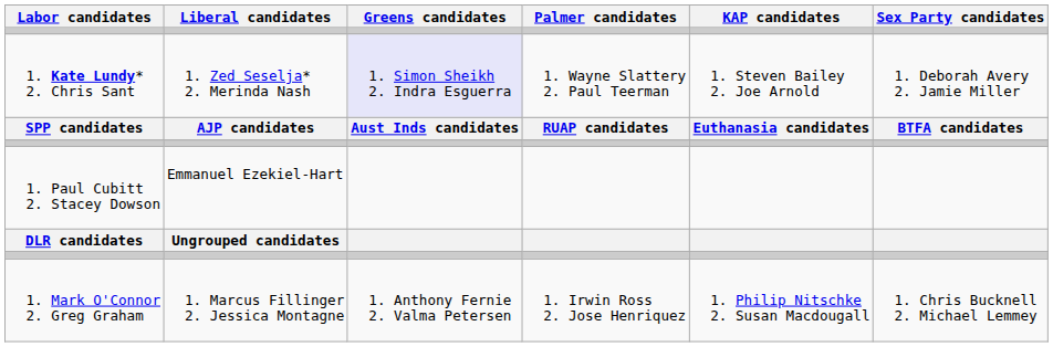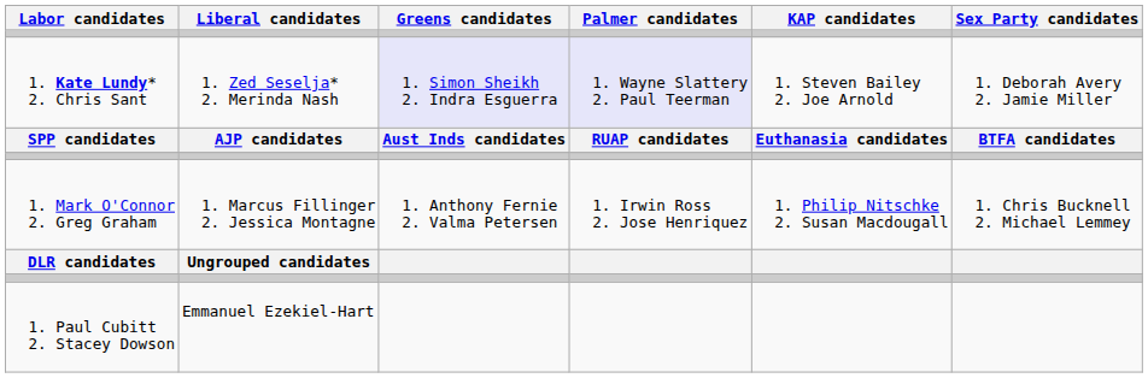 <table class="wikitable">
 <tr>
 <th><a href='#'>Labor</a> candidates</th>
 <th><a href='#'>Liberal</a> candidates</th>
 <th><a href='#'>Greens</a> candidates</th>
 <th><a href='#'>Palmer</a> candidates</th>
 <th><a href='#'>KAP</a> candidates</th>
 <th><a href='#'>Sex Party</a> candidates</th>
 </tr>
 <tr style="background:#ccc;">
 <td></td>
 <td></td>
 <td></td>
 <td></td>
 <td></td>
 <td></td>
 </tr>
 <tr>
 <td><br><ol><li><strong><a href='#'>Kate Lundy</a></strong>*</li><li>Chris Sant</li></ol></td>
 <td><br><ol><li><a href='#'>Zed Seselja</a>*</li><li>Merinda Nash</li></ol></td>
 <td valign=top style="background: lavender;"><br><ol><li><a href='#'>Simon Sheikh</a></li><li>Indra Esguerra</li></ol></td>
-<td valign=top><br><ol><li>Wayne Slattery</li><li>Paul Teerman</li></ol></td>
+<td valign=top style="background: lavender;"><br><ol><li>Wayne Slattery</li><li>Paul Teerman</li></ol></td>
 <td valign=top><br><ol><li>Steven Bailey</li><li>Joe Arnold</li></ol></td>
 <td valign=top><br><ol><li>Deborah Avery</li><li>Jamie Miller</li></ol></td>
 </tr>
 <tr style="background:#ccc;">
 <th><a href='#'>SPP</a> candidates</th>
 <th><a href='#'>AJP</a> candidates</th>
 <th><a href='#'>Aust Inds</a> candidates</th>
 <th><a href='#'>RUAP</a> candidates</th>
 <th><a href='#'>Euthanasia</a> candidates</th>
 <th><a href='#'>BTFA</a> candidates</th>
 </tr>
 <tr style="background:#ccc;">
 <td></td>
 <td></td>
 <td></td>
 <td></td>
 <td></td>
 <td></td>
 </tr>
 <tr>
-<td valign=top><br><ol><li>Paul Cubitt</li><li>Stacey Dowson</li></ol></td>
-<td valign=top><br>Emmanuel Ezekiel-Hart</td>
-<td valign=top></td>
-<td valign=top></td>
-<td valign=top></td>
-<td valign=top></td>
+<td valign=top><br><ol><li><a href='#'>Mark O'Connor</a></li><li>Greg Graham</li></ol></td>
+<td valign=top><br><ol><li>Marcus Fillinger</li><li>Jessica Montagne</li></ol></td>
+<td valign=top><br><ol><li>Anthony Fernie</li><li>Valma Petersen</li></ol></td>
+<td valign=top><br><ol><li>Irwin Ross</li><li>Jose Henriquez</li></ol></td>
+<td valign=top><br><ol><li><a href='#'>Philip Nitschke</a></li><li>Susan Macdougall</li></ol></td>
+<td valign=top><br><ol><li>Chris Bucknell</li><li>Michael Lemmey</li></ol></td>
 </tr>
 <tr style="background:#ccc;">
 <th><a href='#'>DLR</a> candidates</th>
 <th>Ungrouped candidates</th>
 <th></th>
 <th></th>
 <th></th>
 <th></th>
 </tr>
 <tr style="background:#ccc;">
 <td></td>
 <td></td>
 <td></td>
 <td></td>
 <td></td>
 <td></td>
 </tr>
 <tr>
-<td valign=top><br><ol><li><a href='#'>Mark O'Connor</a></li><li>Greg Graham</li></ol></td>
-<td valign=top><br><ol><li>Marcus Fillinger</li><li>Jessica Montagne</li></ol></td>
-<td valign=top><br><ol><li>Anthony Fernie</li><li>Valma Petersen</li></ol></td>
-<td valign=top><br><ol><li>Irwin Ross</li><li>Jose Henriquez</li></ol></td>
-<td valign=top><br><ol><li><a href='#'>Philip Nitschke</a></li><li>Susan Macdougall</li></ol></td>
-<td valign=top><br><ol><li>Chris Bucknell</li><li>Michael Lemmey</li></ol></td>
+<td valign=top><br><ol><li>Paul Cubitt</li><li>Stacey Dowson</li></ol></td>
+<td valign=top><br>Emmanuel Ezekiel-Hart</td>
+<td valign=top></td>
+<td valign=top></td>
+<td valign=top></td>
+<td valign=top></td>
 </tr>
 </table>
